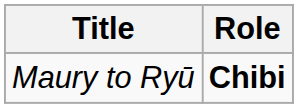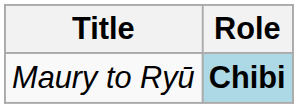 <table class="wikitable">
 <tr>
 <th>Title</th>
 <th>Role</th>
 </tr>
 <tr>
 <td><em>Maury to Ryū</em></td>
-<td><strong>Chibi</strong></td>
+<td style="background: lightblue;"><strong>Chibi</strong></td>
 </tr>
 </table>
